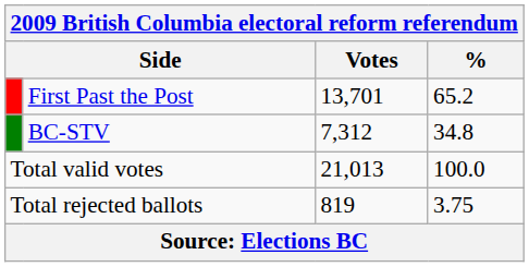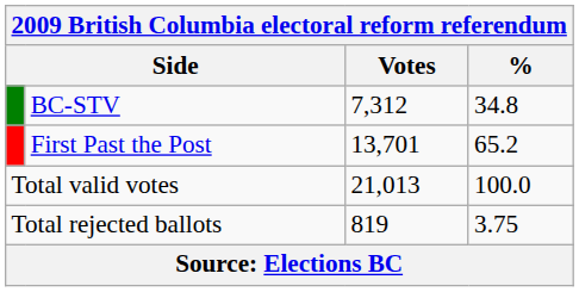 <table class="wikitable">
 <tr>
 <th colspan="4"><a href='#'>2009 British Columbia electoral reform referendum</a></th>
 </tr>
 <tr>
 <th colspan="2">Side</th>
 <th>Votes</th>
 <th>%</th>
 </tr>
 <tr>
+<td bgcolor="green"></td>
+<td><a href='#'>BC-STV</a></td>
+<td>7,312</td>
+<td>34.8</td>
+</tr>
+<tr>
 <td bgcolor="red"></td>
 <td><a href='#'>First Past the Post</a></td>
 <td>13,701</td>
 <td>65.2</td>
-</tr>
-<tr>
-<td bgcolor="green"></td>
-<td><a href='#'>BC-STV</a></td>
-<td>7,312</td>
-<td>34.8</td>
 </tr>
 <tr>
 <td colspan="2">Total valid votes</td>
 <td>21,013</td>
 <td>100.0</td>
 </tr>
 <tr>
 <td colspan="2">Total rejected ballots</td>
 <td>819</td>
 <td>3.75</td>
 </tr>
 <tr>
 <th colspan="4">Source: <a href='#'>Elections BC</a></th>
 </tr>
 </table>
